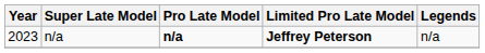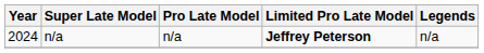 <table class="wikitable" style="font-size:90%;">
 <tr>
 <th>Year</th>
 <th>Super Late Model</th>
 <th>Pro Late Model</th>
 <th>Limited Pro Late Model</th>
 <th>Legends</th>
 </tr>
 <tr>
-<td>2023</td>
+<td>2024</td>
 <td>n/a</td>
-<td><strong>n/a</strong></td>
+<td>n/a</td>
 <td><strong>Jeffrey Peterson</strong></td>
 <td>n/a</td>
 </tr>
 <tr>
 </tr>
 </table>
